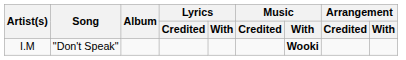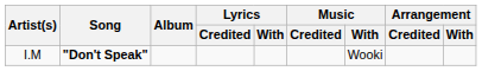 <table class="wikitable" style="text-align: center;">
 <tr>
 <th rowspan="2">Artist(s)</th>
 <th rowspan="2">Song</th>
 <th rowspan="2">Album</th>
 <th colspan="2">Lyrics</th>
 <th colspan="2">Music</th>
 <th colspan="2">Arrangement</th>
 </tr>
 <tr>
 <th>Credited</th>
 <th>With</th>
 <th>Credited</th>
 <th>With</th>
 <th>Credited</th>
 <th>With</th>
 </tr>
 <tr>
 <td>I.M</td>
-<td>"Don't Speak"</td>
+<td><strong>"Don't Speak"</strong></td>
 <td></td>
 <td></td>
 <td></td>
 <td></td>
-<td><strong>Wooki</strong></td>
+<td>Wooki</td>
 <td></td>
 <td></td>
 </tr>
 </table>
